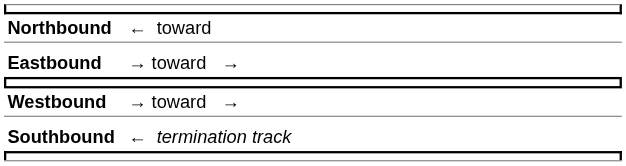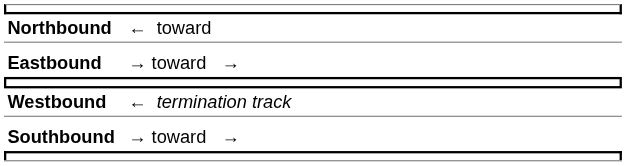 <table table border="0" cellspacing="0" cellpadding="3">
 <tr>
 <td style="border-top:solid 1px gray;border-right:solid 2px black;border-left:solid 2px black;border-bottom:solid 2px black;text-align:center;" colspan="2"></td>
 </tr>
 <tr>
 <td><strong>Northbound</strong></td>
 <td width="430">←  toward  </td>
 </tr>
 <tr>
 <td style="border-top:solid 1px gray;" colspan="2"></td>
 </tr>
 <tr>
 <td><strong>Eastbound</strong></td>
 <td><span>→</span>  toward   →</td>
 </tr>
 <tr>
 <td style="border-top:solid 2px black;border-right:solid 2px black;border-left:solid 2px black;border-bottom:solid 2px black;text-align:center;" colspan="2"></td>
 </tr>
 <tr>
 <td width="100"><strong>Westbound</strong></td>
-<td><span>→</span>  toward   →</td>
+<td>←  <em>termination track</em></td>
 </tr>
 <tr>
 <td style="border-top:solid 1px gray;" colspan="2"></td>
 </tr>
 <tr>
 <td><strong>Southbound</strong></td>
-<td>←  <em>termination track</em></td>
+<td><span>→</span>  toward   →</td>
 </tr>
 <tr>
 <td style="border-top:solid 2px black;border-right:solid 2px black;border-left:solid 2px black;text-align:center;" colspan="2"></td>
 </tr>
 <tr>
 <td style="border-top:solid 1px gray;" colspan="2"></td>
 </tr>
 </table>
